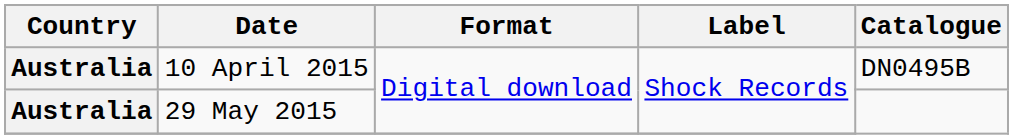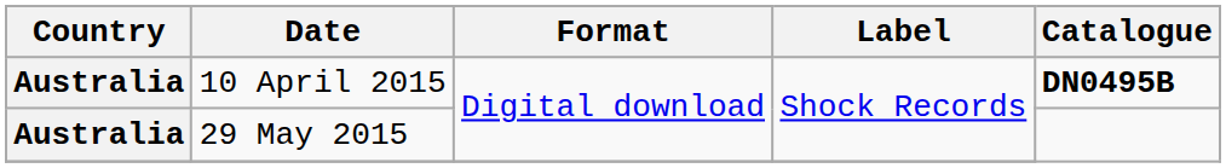 <table class="wikitable plainrowheaders">
 <tr>
 <th scope="col">Country</th>
 <th scope="col">Date</th>
 <th scope="col">Format</th>
 <th scope="col">Label</th>
 <th scope="col">Catalogue</th>
 </tr>
 <tr>
 <th scope="row">Australia</th>
 <td>10 April 2015</td>
 <td rowspan="2"><a href='#'>Digital download</a></td>
 <td rowspan="2"><a href='#'>Shock Records</a></td>
-<td>DN0495B</td>
+<td><strong>DN0495B</strong></td>
 </tr>
 <tr>
 <th scope="row">Australia</th>
 <td>29 May 2015</td>
 </tr>
 <tr>
 </tr>
 </table>
